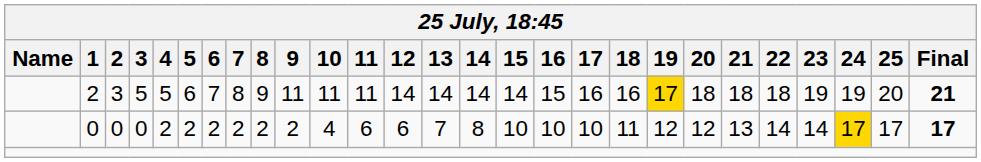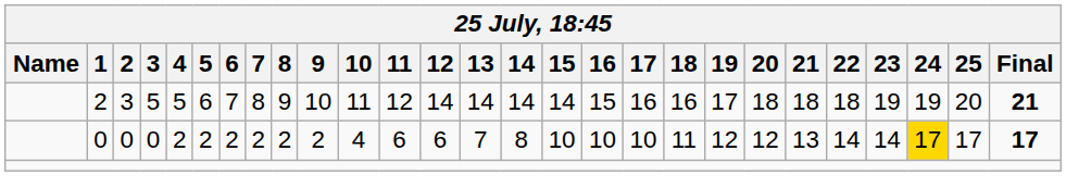 <table class=wikitable style="text-align:center; width: 55%">
 <tr>
 <th colspan=27><em>25 July, 18:45</em></th>
 </tr>
 <tr>
 <th>Name</th>
 <th>1</th>
 <th>2</th>
 <th>3</th>
 <th>4</th>
 <th>5</th>
 <th>6</th>
 <th>7</th>
 <th>8</th>
 <th>9</th>
 <th>10</th>
 <th>11</th>
 <th>12</th>
 <th>13</th>
 <th>14</th>
 <th>15</th>
 <th>16</th>
 <th>17</th>
 <th>18</th>
 <th>19</th>
 <th>20</th>
 <th>21</th>
 <th>22</th>
 <th>23</th>
 <th>24</th>
 <th>25</th>
 <th>Final</th>
 </tr>
 <tr>
 <td align=left><strong></strong></td>
 <td>2</td>
 <td>3</td>
 <td>5</td>
 <td>5</td>
 <td>6</td>
 <td>7</td>
 <td>8</td>
 <td>9</td>
+<td>10</td>
 <td>11</td>
-<td>11</td>
-<td>11</td>
+<td>12</td>
 <td>14</td>
 <td>14</td>
 <td>14</td>
 <td>14</td>
 <td>15</td>
 <td>16</td>
 <td>16</td>
-<td style="background: gold;">17</td>
+<td>17</td>
 <td>18</td>
 <td>18</td>
 <td>18</td>
 <td>19</td>
 <td>19</td>
 <td>20</td>
 <td><strong>21</strong></td>
 </tr>
 <tr>
 <td align=left></td>
 <td>0</td>
 <td>0</td>
 <td>0</td>
 <td>2</td>
 <td>2</td>
 <td>2</td>
 <td>2</td>
 <td>2</td>
 <td>2</td>
 <td>4</td>
 <td>6</td>
 <td>6</td>
 <td>7</td>
 <td>8</td>
 <td>10</td>
 <td>10</td>
 <td>10</td>
 <td>11</td>
 <td>12</td>
 <td>12</td>
 <td>13</td>
 <td>14</td>
 <td>14</td>
 <td style="background: gold;">17</td>
 <td>17</td>
 <td><strong>17</strong></td>
 </tr>
 <tr>
 <td colspan=27></td>
 </tr>
 </table>
